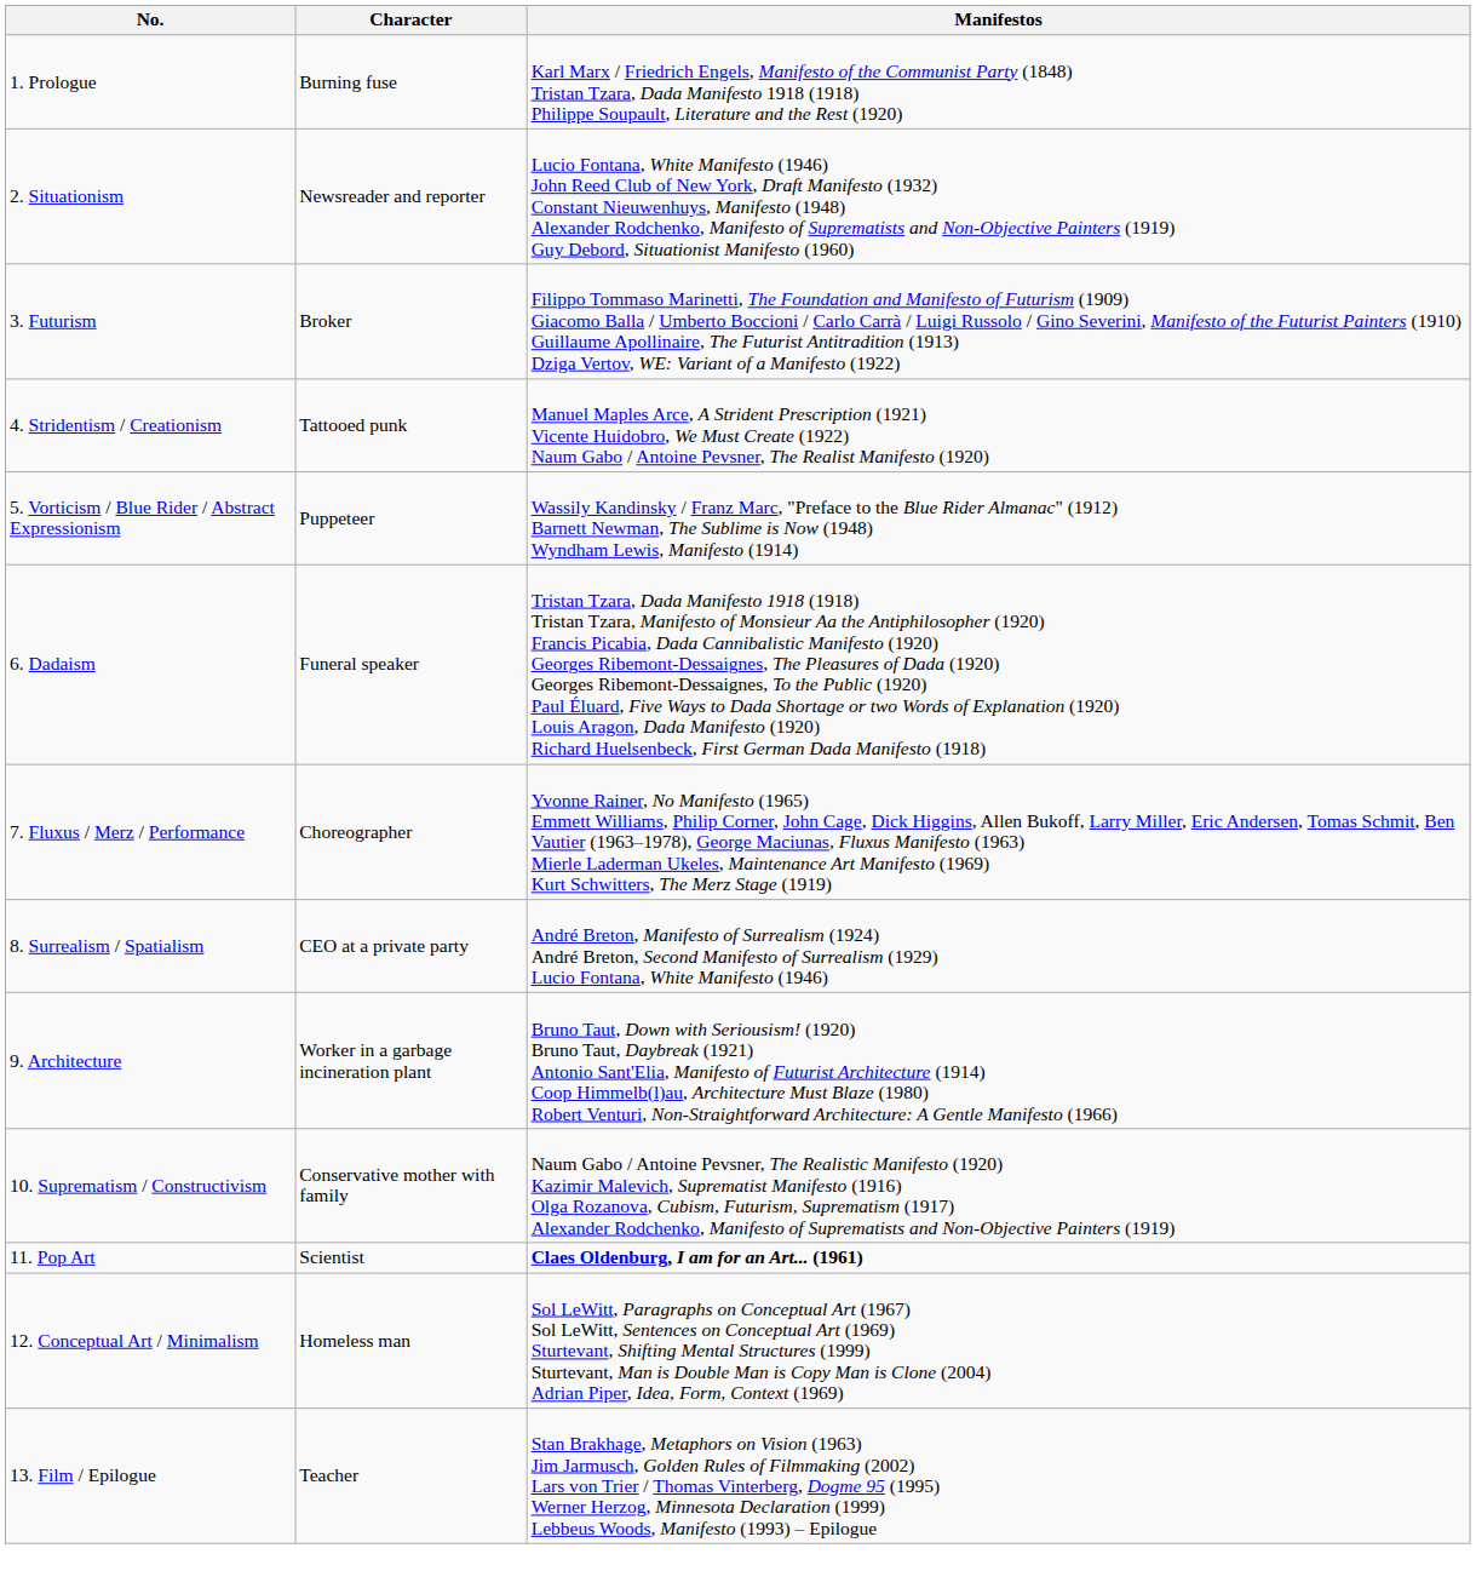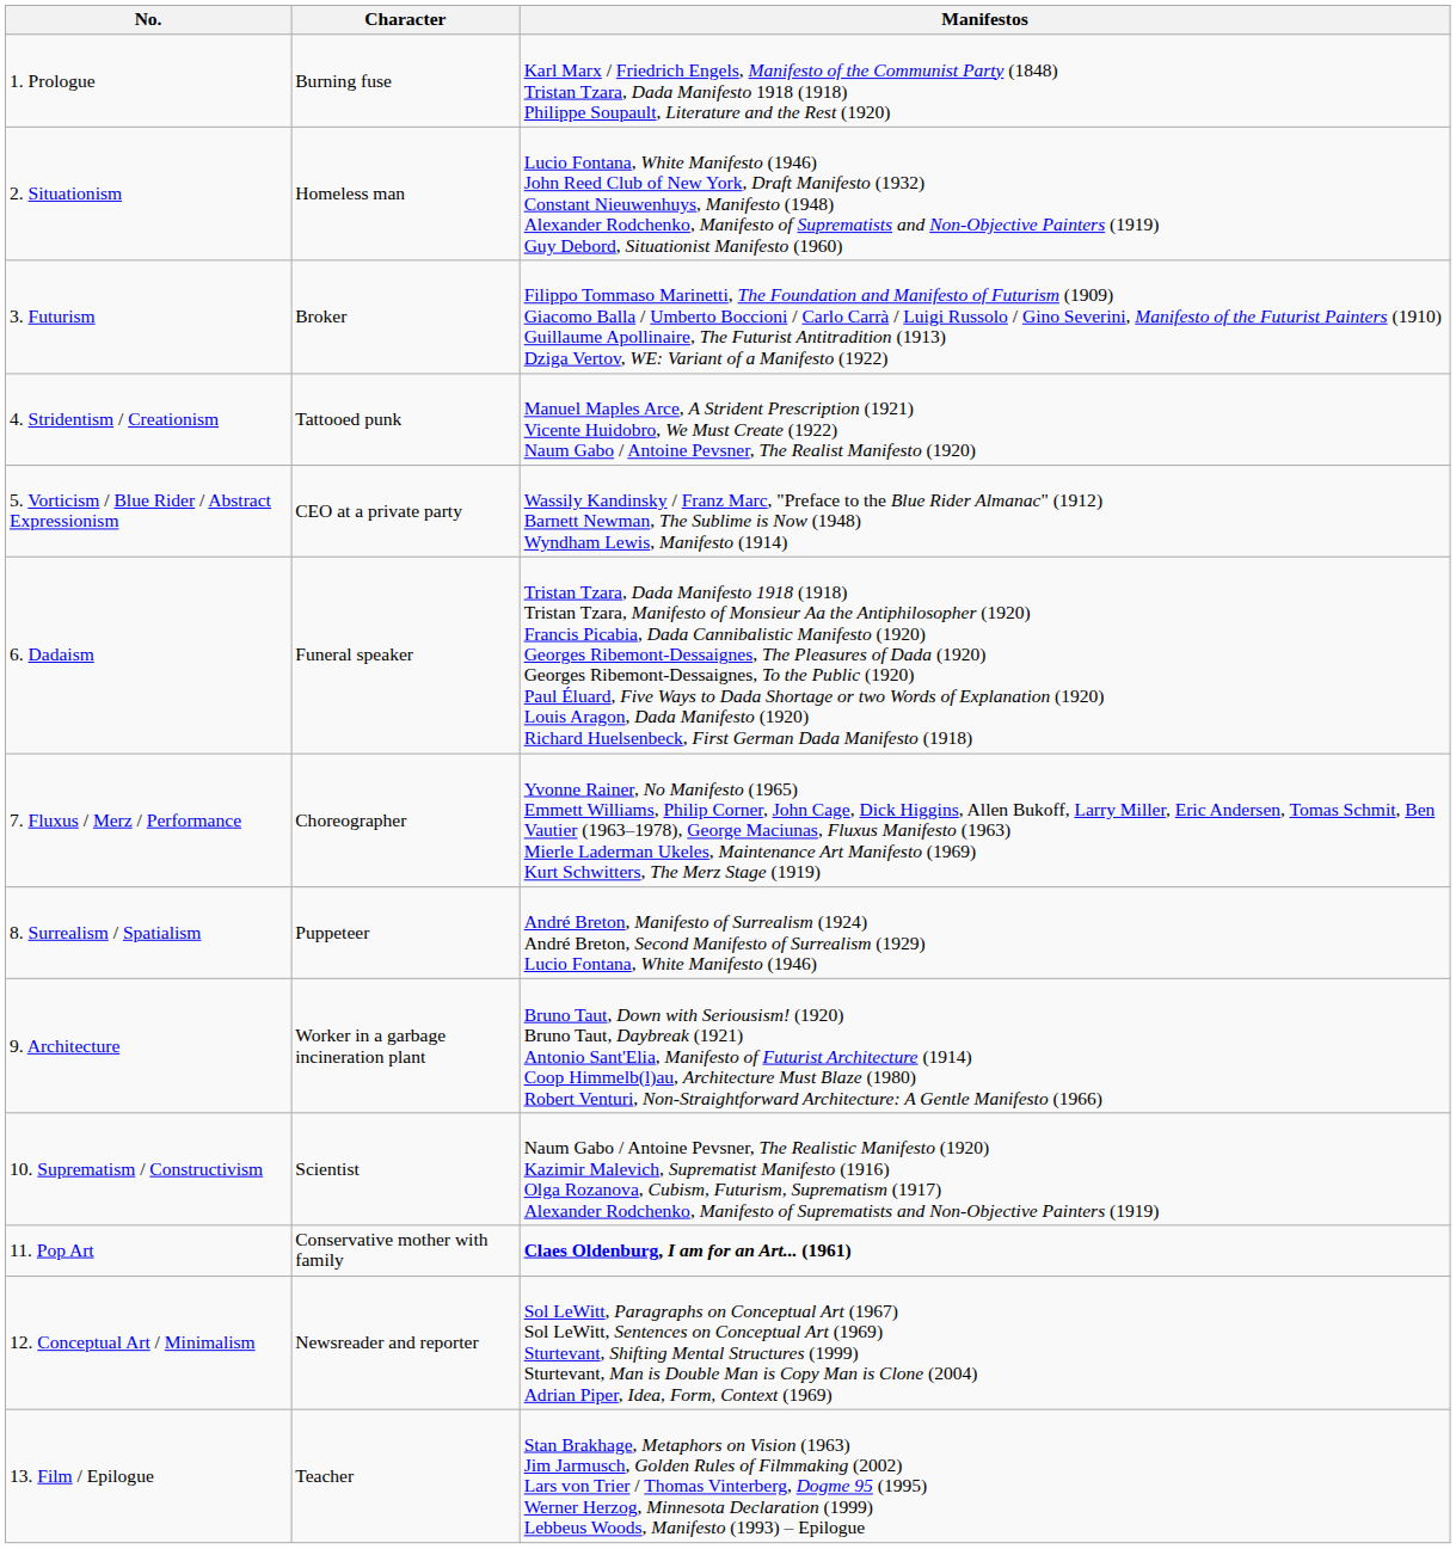 <table class=wikitable>
 <tr>
 <th>No.</th>
 <th>Character</th>
 <th>Manifestos</th>
 </tr>
 <tr>
 <td>1. Prologue</td>
 <td>Burning fuse</td>
 <td><br><a href='#'>Karl Marx</a> / <a href='#'>Friedrich Engels</a>, <em><a href='#'>Manifesto of the Communist Party</a></em> (1848)<br> <a href='#'>Tristan Tzara</a>, <em>Dada Manifesto</em> 1918 (1918)<br> <a href='#'>Philippe Soupault</a>, <em>Literature and the Rest</em> (1920)</td>
 </tr>
 <tr>
 <td>2. <a href='#'>Situationism</a></td>
-<td>Newsreader and reporter</td>
+<td>Homeless man</td>
 <td><br><a href='#'>Lucio Fontana</a>, <em>White Manifesto</em> (1946)<br> <a href='#'>John Reed Club of New York</a>, <em>Draft Manifesto</em> (1932)<br> <a href='#'>Constant Nieuwenhuys</a>, <em>Manifesto</em> (1948)<br> <a href='#'>Alexander Rodchenko</a>, <em>Manifesto of <a href='#'>Suprematists</a> and <a href='#'>Non-Objective Painters</a></em> (1919)<br> <a href='#'>Guy Debord</a>, <em>Situationist Manifesto</em> (1960)</td>
 </tr>
 <tr>
 <td>3. <a href='#'>Futurism</a></td>
 <td>Broker</td>
 <td><br><a href='#'>Filippo Tommaso Marinetti</a>, <em><a href='#'>The Foundation and Manifesto of Futurism</a></em> (1909)<br> <a href='#'>Giacomo Balla</a> / <a href='#'>Umberto Boccioni</a> / <a href='#'>Carlo Carrà</a> / <a href='#'>Luigi Russolo</a> / <a href='#'>Gino Severini</a>, <em><a href='#'>Manifesto of the Futurist Painters</a></em> (1910)<br> <a href='#'>Guillaume Apollinaire</a>, <em>The Futurist Antitradition</em> (1913)<br> <a href='#'>Dziga Vertov</a>, <em>WE: Variant of a Manifesto</em> (1922)</td>
 </tr>
 <tr>
 <td>4. <a href='#'>Stridentism</a> / <a href='#'>Creationism</a></td>
 <td>Tattooed punk</td>
 <td><br><a href='#'>Manuel Maples Arce</a>, <em>A Strident Prescription</em> (1921)<br> <a href='#'>Vicente Huidobro</a>, <em>We Must Create</em> (1922)<br> <a href='#'>Naum Gabo</a> / <a href='#'>Antoine Pevsner</a>, <em>The Realist Manifesto</em> (1920)</td>
 </tr>
 <tr>
 <td>5. <a href='#'>Vorticism</a> / <a href='#'>Blue Rider</a> / <a href='#'>Abstract Expressionism</a></td>
-<td>Puppeteer</td>
+<td>CEO at a private party</td>
 <td><br><a href='#'>Wassily Kandinsky</a> / <a href='#'>Franz Marc</a>, "Preface to the <em>Blue Rider Almanac</em>" (1912)<br> <a href='#'>Barnett Newman</a>, <em>The Sublime is Now</em> (1948)<br> <a href='#'>Wyndham Lewis</a>, <em>Manifesto</em> (1914)</td>
 </tr>
 <tr>
 <td>6. <a href='#'>Dadaism</a></td>
 <td>Funeral speaker</td>
 <td><br><a href='#'>Tristan Tzara</a>, <em>Dada Manifesto 1918</em> (1918)<br> Tristan Tzara, <em>Manifesto of Monsieur Aa the Antiphilosopher</em> (1920)<br> <a href='#'>Francis Picabia</a>, <em>Dada Cannibalistic Manifesto</em> (1920)<br> <a href='#'>Georges Ribemont-Dessaignes</a>, <em>The Pleasures of Dada</em> (1920)<br> Georges Ribemont-Dessaignes, <em>To the Public</em> (1920)<br> <a href='#'>Paul Éluard</a>, <em>Five Ways to Dada Shortage or two Words of Explanation</em> (1920)<br> <a href='#'>Louis Aragon</a>, <em>Dada Manifesto</em> (1920)<br> <a href='#'>Richard Huelsenbeck</a>, <em>First German Dada Manifesto</em> (1918)</td>
 </tr>
 <tr>
 <td>7. <a href='#'>Fluxus</a> / <a href='#'>Merz</a> / <a href='#'>Performance</a></td>
 <td>Choreographer</td>
 <td><br><a href='#'>Yvonne Rainer</a>, <em>No Manifesto</em> (1965)<br> <a href='#'>Emmett Williams</a>, <a href='#'>Philip Corner</a>, <a href='#'>John Cage</a>, <a href='#'>Dick Higgins</a>, Allen Bukoff, <a href='#'>Larry Miller</a>, <a href='#'>Eric Andersen</a>, <a href='#'>Tomas Schmit</a>, <a href='#'>Ben Vautier</a> (1963–1978), <a href='#'>George Maciunas</a>, <em>Fluxus Manifesto</em> (1963)<br> <a href='#'>Mierle Laderman Ukeles</a>, <em>Maintenance Art Manifesto</em> (1969)<br> <a href='#'>Kurt Schwitters</a>, <em>The Merz Stage</em> (1919)</td>
 </tr>
 <tr>
 <td>8. <a href='#'>Surrealism</a> / <a href='#'>Spatialism</a></td>
-<td>CEO at a private party</td>
+<td>Puppeteer</td>
 <td><br><a href='#'>André Breton</a>, <em>Manifesto of Surrealism</em> (1924)<br> André Breton, <em>Second Manifesto of Surrealism</em> (1929)<br> <a href='#'>Lucio Fontana</a>, <em>White Manifesto</em> (1946)</td>
 </tr>
 <tr>
 <td>9. <a href='#'>Architecture</a></td>
 <td>Worker in a garbage incineration plant</td>
 <td><br><a href='#'>Bruno Taut</a>, <em>Down with Seriousism!</em> (1920)<br> Bruno Taut, <em>Daybreak</em> (1921)<br> <a href='#'>Antonio Sant'Elia</a>, <em>Manifesto of <a href='#'>Futurist Architecture</a></em> (1914)<br> <a href='#'>Coop Himmelb(l)au</a>, <em>Architecture Must Blaze</em> (1980)<br> <a href='#'>Robert Venturi</a>, <em>Non-Straightforward Architecture: A Gentle Manifesto</em> (1966)</td>
 </tr>
 <tr>
 <td>10. <a href='#'>Suprematism</a> / <a href='#'>Constructivism</a></td>
-<td>Conservative mother with family</td>
+<td>Scientist</td>
 <td><br>Naum Gabo / Antoine Pevsner, <em>The Realistic Manifesto</em> (1920)<br> <a href='#'>Kazimir Malevich</a>, <em>Suprematist Manifesto</em> (1916)<br> <a href='#'>Olga Rozanova</a>, <em>Cubism, Futurism, Suprematism</em> (1917)<br> <a href='#'>Alexander Rodchenko</a>, <em>Manifesto of Suprematists and Non-Objective Painters</em> (1919)</td>
 </tr>
 <tr>
 <td>11. <a href='#'>Pop Art</a></td>
-<td>Scientist</td>
+<td>Conservative mother with family</td>
 <td><strong><a href='#'>Claes Oldenburg</a>, <em>I am for an Art...</em> (1961)</strong></td>
 </tr>
 <tr>
 <td>12. <a href='#'>Conceptual Art</a> / <a href='#'>Minimalism</a></td>
-<td>Homeless man</td>
+<td>Newsreader and reporter</td>
 <td><br><a href='#'>Sol LeWitt</a>, <em>Paragraphs on Conceptual Art</em> (1967)<br> Sol LeWitt, <em>Sentences on Conceptual Art</em> (1969)<br> <a href='#'>Sturtevant</a>, <em>Shifting Mental Structures</em> (1999)<br> Sturtevant, <em>Man is Double Man is Copy Man is Clone</em> (2004)<br> <a href='#'>Adrian Piper</a>, <em>Idea, Form, Context</em> (1969)</td>
 </tr>
 <tr>
 <td>13. <a href='#'>Film</a> / Epilogue</td>
 <td>Teacher</td>
 <td><br><a href='#'>Stan Brakhage</a>, <em>Metaphors on Vision</em> (1963)<br> <a href='#'>Jim Jarmusch</a>, <em>Golden Rules of Filmmaking</em> (2002)<br> <a href='#'>Lars von Trier</a> / <a href='#'>Thomas Vinterberg</a>, <em><a href='#'>Dogme 95</a></em> (1995)<br> <a href='#'>Werner Herzog</a>, <em>Minnesota Declaration</em> (1999)<br> <a href='#'>Lebbeus Woods</a>, <em>Manifesto</em> (1993) – Epilogue</td>
 </tr>
 </table>
